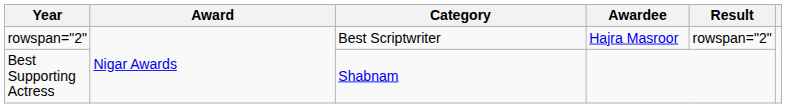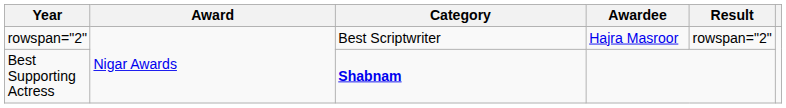 <table class="wikitable plainrowheaders sortable" width=100%>
 <tr>
 <th width=5%>Year</th>
 <th style="width:40%;">Award</th>
 <th style="width:40%;">Category</th>
 <th style="width:40%;">Awardee</th>
 <th style="width:10%;">Result</th>
 <th width=5% class="unsortable"></th>
 </tr>
 <tr>
 <td>rowspan="2" </td>
 <td rowspan="2"><a href='#'>Nigar Awards</a></td>
 <td>Best Scriptwriter</td>
 <td><a href='#'>Hajra Masroor</a></td>
 <td>rowspan="2" </td>
 <td align="center" rowspan="2"></td>
 </tr>
 <tr>
 <td>Best Supporting Actress</td>
-<td><a href='#'>Shabnam</a></td>
+<td><strong><a href='#'>Shabnam</a></strong></td>
 </tr>
 </table>
